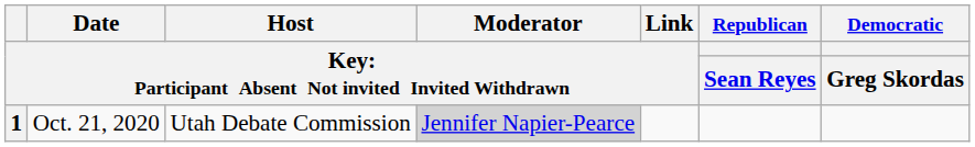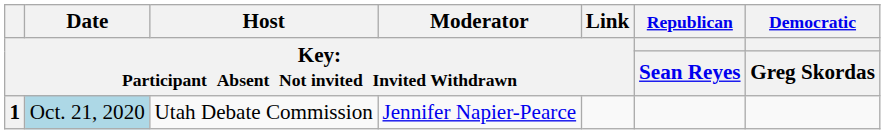 <table class="wikitable" style="text-align:center;">
 <tr>
 <th scope="col"></th>
 <th scope="col">Date</th>
 <th scope="col">Host</th>
 <th scope="col">Moderator</th>
 <th scope="col">Link</th>
 <th scope="col"><small><a href='#'>Republican</a></small></th>
 <th scope="col"><small><a href='#'>Democratic</a></small></th>
 </tr>
 <tr>
 <th colspan="5" rowspan="2">Key:<br> <small>Participant </small>  <small>Absent </small>  <small>Not invited </small>  <small>Invited  Withdrawn</small></th>
 <th scope="col" style="background:"></th>
 <th scope="col" style="background:"></th>
 </tr>
 <tr>
 <th scope="col"><a href='#'>Sean Reyes</a></th>
 <th scope="col">Greg Skordas</th>
 </tr>
 <tr>
 <th>1</th>
-<td style="white-space:nowrap;">Oct. 21, 2020</td>
+<td style="background: lightblue; white-space:nowrap;">Oct. 21, 2020</td>
 <td style="white-space:nowrap;">Utah Debate Commission</td>
-<td style="background: lightgrey; white-space:nowrap;"><a href='#'>Jennifer Napier-Pearce</a></td>
+<td style="white-space:nowrap;"><a href='#'>Jennifer Napier-Pearce</a></td>
 <td style="white-space:nowrap;"></td>
 <td></td>
 <td></td>
 </tr>
 </table>
